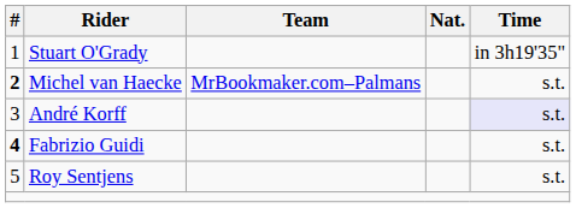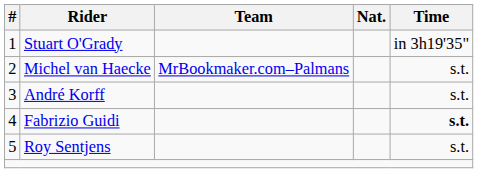 <table class=wikitable>
 <tr>
 <th align=right>#</th>
 <th>Rider</th>
 <th>Team</th>
 <th>Nat.</th>
 <th align=right>Time</th>
 </tr>
 <tr>
 <td align=right>1</td>
 <td><a href='#'>Stuart O'Grady</a></td>
 <td></td>
 <td></td>
 <td align=right>in 3h19'35"</td>
 </tr>
 <tr>
-<td align=right><strong>2</strong></td>
+<td align=right>2</td>
 <td><a href='#'>Michel van Haecke</a></td>
 <td><a href='#'>MrBookmaker.com–Palmans</a></td>
 <td></td>
 <td align=right>s.t.</td>
 </tr>
 <tr>
 <td align=right>3</td>
 <td><a href='#'>André Korff</a></td>
 <td></td>
 <td></td>
-<td align=right style="background: lavender;">s.t.</td>
+<td align=right>s.t.</td>
 </tr>
 <tr>
-<td align=right><strong>4</strong></td>
+<td align=right>4</td>
 <td><a href='#'>Fabrizio Guidi</a></td>
 <td></td>
 <td></td>
-<td align=right>s.t.</td>
+<td align=right><strong>s.t.</strong></td>
 </tr>
 <tr>
 <td align=right>5</td>
 <td><a href='#'>Roy Sentjens</a></td>
 <td></td>
 <td></td>
 <td align=right>s.t.</td>
 </tr>
 <tr>
 <td align=right colspan=5></td>
 </tr>
 </table>
